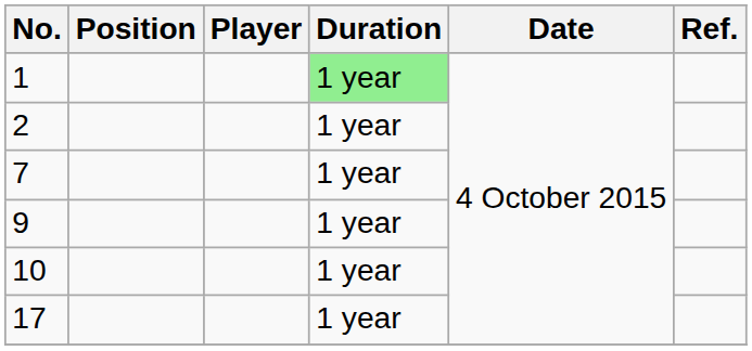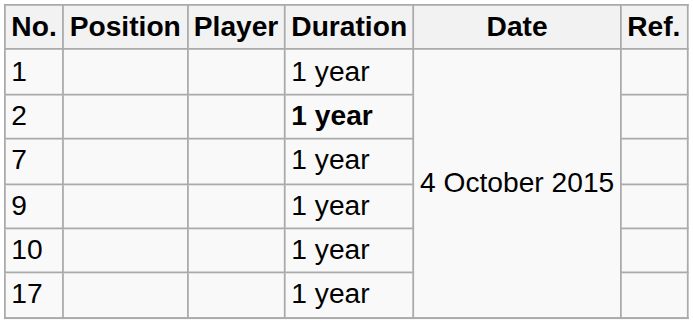 <table class="wikitable">
 <tr>
 <th scope="col">No.</th>
 <th scope="col">Position</th>
 <th scope="col">Player</th>
 <th scope="col">Duration</th>
 <th scope="col">Date</th>
 <th scope="col">Ref.</th>
 </tr>
 <tr>
 <td>1</td>
 <td></td>
 <td align="left"></td>
-<td style="background: lightgreen;">1 year</td>
+<td>1 year</td>
 <td rowspan="6">4 October 2015</td>
 <td></td>
 </tr>
 <tr>
 <td>2</td>
 <td></td>
 <td align="left"></td>
-<td>1 year</td>
+<td><strong>1 year</strong></td>
 <td></td>
 </tr>
 <tr>
 <td>7</td>
 <td></td>
 <td align="left"></td>
 <td>1 year</td>
 <td></td>
 </tr>
 <tr>
 <td>9</td>
 <td></td>
 <td align="left"></td>
 <td>1 year</td>
 <td></td>
 </tr>
 <tr>
 <td>10</td>
 <td></td>
 <td align="left"></td>
 <td>1 year</td>
 <td></td>
 </tr>
 <tr>
 <td>17</td>
 <td></td>
 <td align="left"></td>
 <td>1 year</td>
 <td></td>
 </tr>
 <tr>
 </tr>
 </table>
